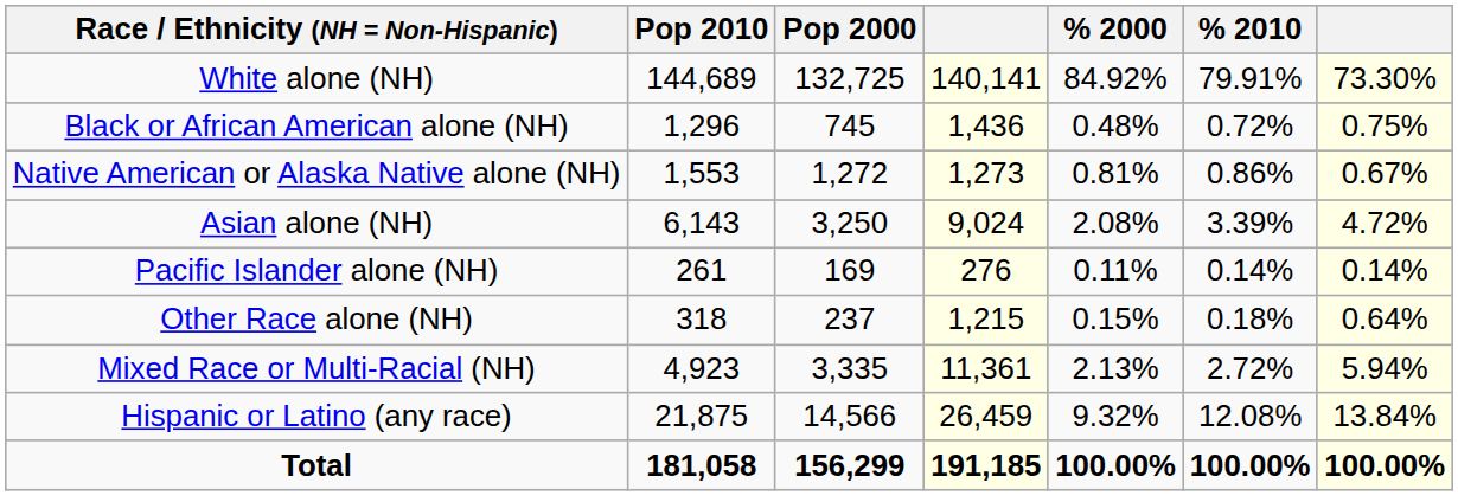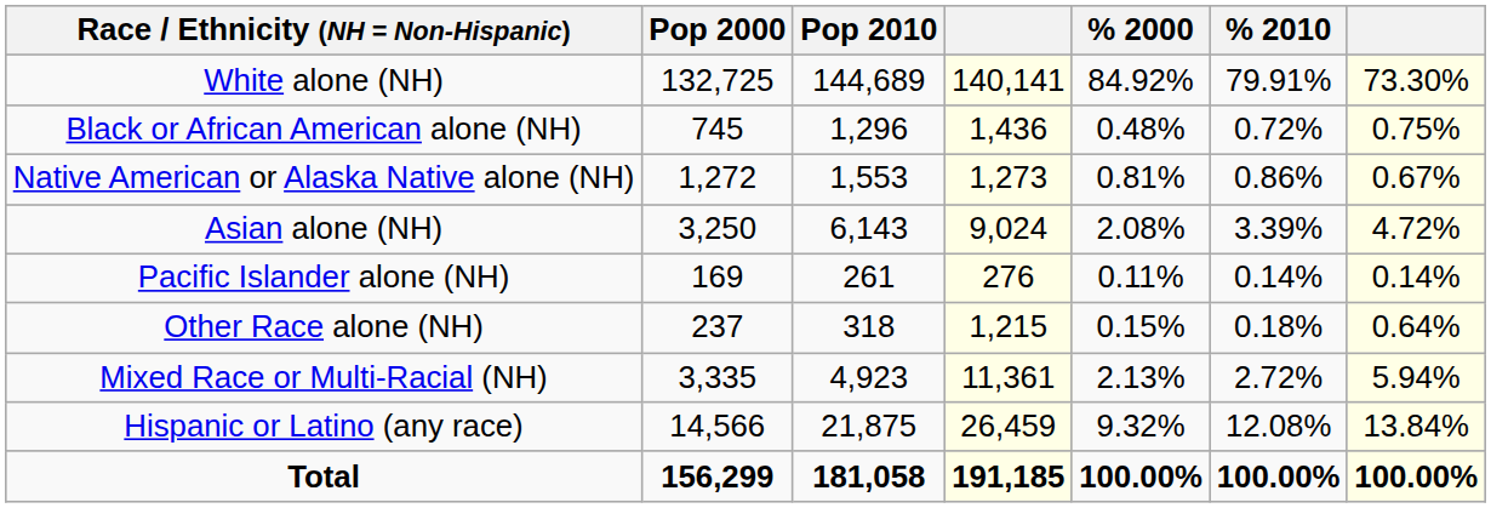 <table class="wikitable" style="text-align:center;">
 <tr>
 <th>Race / Ethnicity <small>(<em>NH = Non-Hispanic</em>)</small></th>
+<th>Pop 2000</th>
 <th>Pop 2010</th>
-<th>Pop 2000</th>
 <th></th>
 <th>% 2000</th>
 <th>% 2010</th>
 <th></th>
 </tr>
 <tr>
 <td><a href='#'>White</a> alone (NH)</td>
+<td>132,725</td>
 <td>144,689</td>
-<td>132,725</td>
 <td style='background: #ffffe6;'>140,141</td>
 <td>84.92%</td>
 <td>79.91%</td>
 <td style='background: #ffffe6;'>73.30%</td>
 </tr>
 <tr>
 <td><a href='#'>Black or African American</a> alone (NH)</td>
+<td>745</td>
 <td>1,296</td>
-<td>745</td>
 <td style='background: #ffffe6;'>1,436</td>
 <td>0.48%</td>
 <td>0.72%</td>
 <td style='background: #ffffe6;'>0.75%</td>
 </tr>
 <tr>
 <td><a href='#'>Native American</a> or <a href='#'>Alaska Native</a> alone (NH)</td>
+<td>1,272</td>
 <td>1,553</td>
-<td>1,272</td>
 <td style='background: #ffffe6;'>1,273</td>
 <td>0.81%</td>
 <td>0.86%</td>
 <td style='background: #ffffe6;'>0.67%</td>
 </tr>
 <tr>
 <td><a href='#'>Asian</a> alone (NH)</td>
+<td>3,250</td>
 <td>6,143</td>
-<td>3,250</td>
 <td style='background: #ffffe6;'>9,024</td>
 <td>2.08%</td>
 <td>3.39%</td>
 <td style='background: #ffffe6;'>4.72%</td>
 </tr>
 <tr>
 <td><a href='#'>Pacific Islander</a> alone (NH)</td>
+<td>169</td>
 <td>261</td>
-<td>169</td>
 <td style='background: #ffffe6;'>276</td>
 <td>0.11%</td>
 <td>0.14%</td>
 <td style='background: #ffffe6;'>0.14%</td>
 </tr>
 <tr>
 <td><a href='#'>Other Race</a> alone (NH)</td>
+<td>237</td>
 <td>318</td>
-<td>237</td>
 <td style='background: #ffffe6;'>1,215</td>
 <td>0.15%</td>
 <td>0.18%</td>
 <td style='background: #ffffe6;'>0.64%</td>
 </tr>
 <tr>
 <td><a href='#'>Mixed Race or Multi-Racial</a> (NH)</td>
+<td>3,335</td>
 <td>4,923</td>
-<td>3,335</td>
 <td style='background: #ffffe6;'>11,361</td>
 <td>2.13%</td>
 <td>2.72%</td>
 <td style='background: #ffffe6;'>5.94%</td>
 </tr>
 <tr>
 <td><a href='#'>Hispanic or Latino</a> (any race)</td>
+<td>14,566</td>
 <td>21,875</td>
-<td>14,566</td>
 <td style='background: #ffffe6;'>26,459</td>
 <td>9.32%</td>
 <td>12.08%</td>
 <td style='background: #ffffe6;'>13.84%</td>
 </tr>
 <tr>
 <td><strong>Total</strong></td>
+<td><strong>156,299</strong></td>
 <td><strong>181,058</strong></td>
-<td><strong>156,299</strong></td>
 <td style='background: #ffffe6;'><strong>191,185</strong></td>
 <td><strong>100.00%</strong></td>
 <td><strong>100.00%</strong></td>
 <td style='background: #ffffe6;'><strong>100.00%</strong></td>
 </tr>
 </table>
